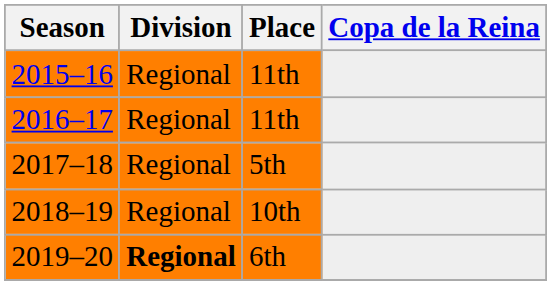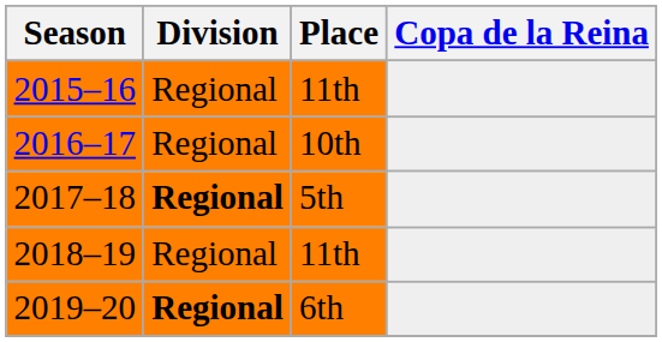 <table class="wikitable">
 <tr style="background:#f0f6fa;">
 <th>Season</th>
 <th>Division</th>
 <th>Place</th>
 <th><a href='#'>Copa de la Reina</a></th>
 </tr>
 <tr>
 <td style="background:#FF7F00;"><a href='#'>2015–16</a></td>
 <td style="background:#FF7F00;">Regional</td>
 <td style="background:#FF7F00;">11th</td>
 <th style="background:#efefef;"></th>
 </tr>
 <tr>
 <td style="background:#FF7F00;"><a href='#'>2016–17</a></td>
 <td style="background:#FF7F00;">Regional</td>
-<td style="background:#FF7F00;">11th</td>
+<td style="background:#FF7F00;">10th</td>
 <th style="background:#efefef;"></th>
 </tr>
 <tr>
 <td style="background:#FF7F00;">2017–18</td>
-<td style="background:#FF7F00;">Regional</td>
+<td style="background:#FF7F00;"><strong>Regional</strong></td>
 <td style="background:#FF7F00;">5th</td>
 <th style="background:#efefef;"></th>
 </tr>
 <tr>
 <td style="background:#FF7F00;">2018–19</td>
 <td style="background:#FF7F00;">Regional</td>
-<td style="background:#FF7F00;">10th</td>
+<td style="background:#FF7F00;">11th</td>
 <th style="background:#efefef;"></th>
 </tr>
 <tr>
 <td style="background:#FF7F00;">2019–20</td>
 <td style="background:#FF7F00;"><strong>Regional</strong></td>
 <td style="background:#FF7F00;">6th</td>
 <th style="background:#efefef;"></th>
 </tr>
 <tr>
 </tr>
 </table>
